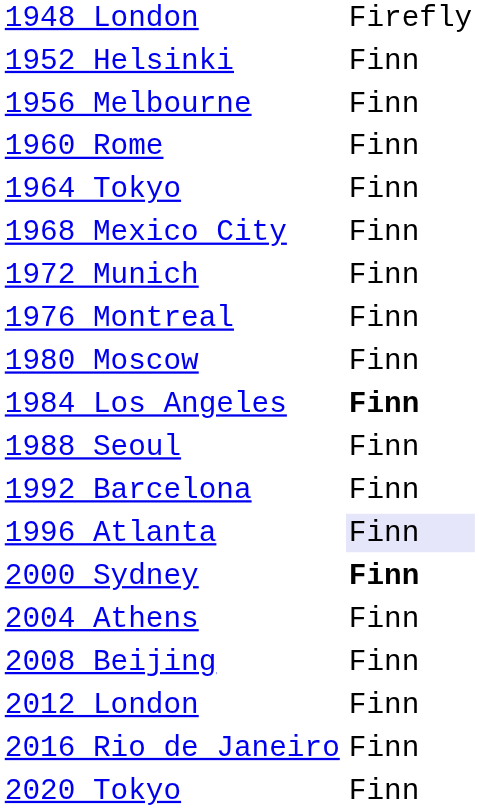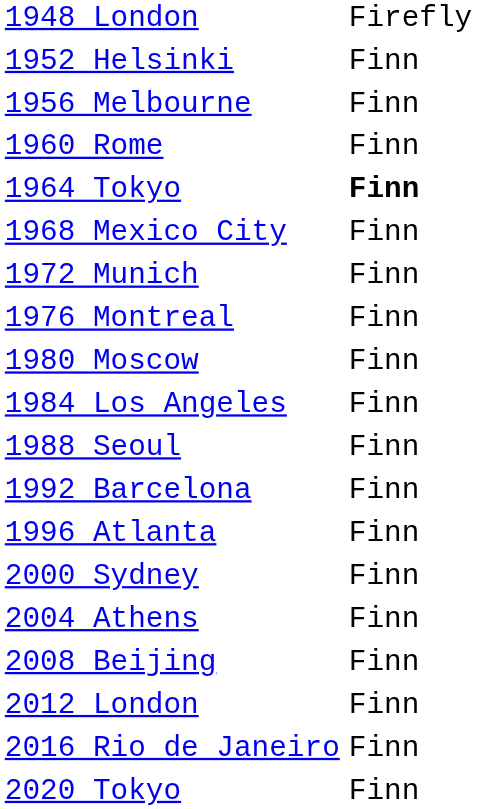 <table>
 <tr>
 <td><a href='#'>1948 London</a> <br> </td>
 <td>Firefly</td>
 <td></td>
 <td></td>
 <td></td>
 </tr>
 <tr>
 <td><a href='#'>1952 Helsinki</a> <br> </td>
 <td>Finn</td>
 <td></td>
 <td></td>
 <td></td>
 </tr>
 <tr>
 <td><a href='#'>1956 Melbourne</a> <br> </td>
 <td>Finn</td>
 <td></td>
 <td></td>
 <td></td>
 </tr>
 <tr>
 <td><a href='#'>1960 Rome</a> <br> </td>
 <td>Finn</td>
 <td></td>
 <td></td>
 <td></td>
 </tr>
 <tr>
 <td><a href='#'>1964 Tokyo</a> <br> </td>
-<td>Finn</td>
+<td><strong>Finn</strong></td>
 <td></td>
 <td></td>
 <td></td>
 </tr>
 <tr>
 <td><a href='#'>1968 Mexico City</a> <br> </td>
 <td>Finn</td>
 <td></td>
 <td></td>
 <td></td>
 </tr>
 <tr>
 <td><a href='#'>1972 Munich</a> <br> </td>
 <td>Finn</td>
 <td></td>
 <td></td>
 <td></td>
 </tr>
 <tr>
 <td><a href='#'>1976 Montreal</a> <br> </td>
 <td>Finn</td>
 <td></td>
 <td></td>
 <td></td>
 </tr>
 <tr>
 <td><a href='#'>1980 Moscow</a> <br> </td>
 <td>Finn</td>
 <td></td>
 <td></td>
 <td></td>
 </tr>
 <tr>
 <td><a href='#'>1984 Los Angeles</a> <br> </td>
-<td><strong>Finn</strong></td>
+<td>Finn</td>
 <td></td>
 <td></td>
 <td></td>
 </tr>
 <tr>
 <td><a href='#'>1988 Seoul</a> <br> </td>
 <td>Finn</td>
 <td></td>
 <td></td>
 <td></td>
 </tr>
 <tr>
 <td><a href='#'>1992 Barcelona</a> <br> </td>
 <td>Finn</td>
 <td></td>
 <td></td>
 <td></td>
 </tr>
 <tr>
 <td><a href='#'>1996 Atlanta</a> <br> </td>
-<td style="background: lavender;">Finn</td>
+<td>Finn</td>
 <td></td>
 <td></td>
 <td></td>
 </tr>
 <tr>
 <td><a href='#'>2000 Sydney</a> <br> </td>
-<td><strong>Finn</strong></td>
+<td>Finn</td>
 <td></td>
 <td></td>
 <td></td>
 </tr>
 <tr>
 <td><a href='#'>2004 Athens</a> <br> </td>
 <td>Finn</td>
 <td></td>
 <td></td>
 <td></td>
 </tr>
 <tr>
 <td><a href='#'>2008 Beijing</a> <br> </td>
 <td>Finn</td>
 <td></td>
 <td></td>
 <td></td>
 </tr>
 <tr>
 <td><a href='#'>2012 London</a> <br> </td>
 <td>Finn</td>
 <td></td>
 <td></td>
 <td></td>
 </tr>
 <tr>
 <td><a href='#'>2016 Rio de Janeiro</a> <br> </td>
 <td>Finn</td>
 <td></td>
 <td></td>
 <td></td>
 </tr>
 <tr>
 <td><a href='#'>2020 Tokyo</a> <br> </td>
 <td>Finn</td>
 <td></td>
 <td></td>
 <td></td>
 </tr>
 </table>
